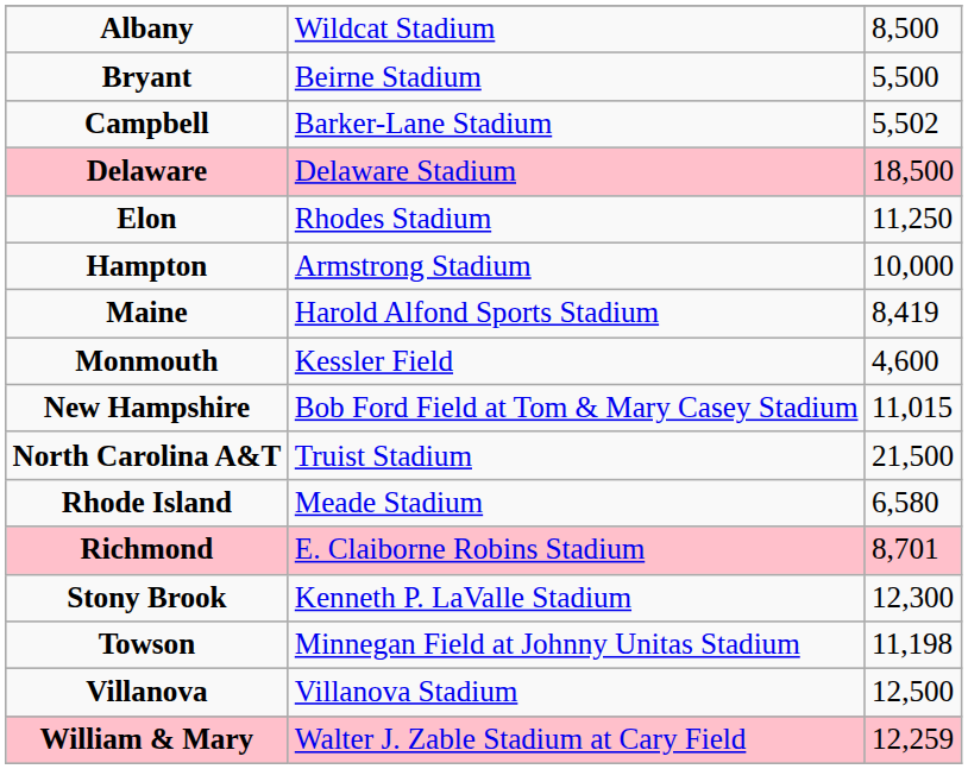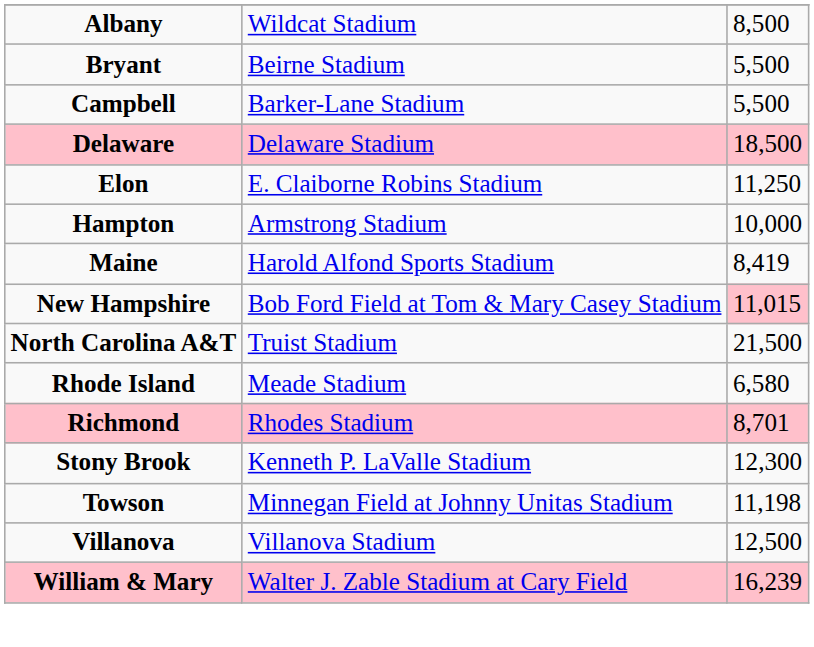 <table class="wikitable sortable">
 <tr>
 </tr>
 <tr>
 <td style="text-align:center; "><strong>Albany</strong></td>
 <td><a href='#'>Wildcat Stadium</a></td>
 <td>8,500</td>
 </tr>
 <tr>
 <td style="text-align:center; "><strong>Bryant</strong></td>
 <td><a href='#'>Beirne Stadium</a></td>
 <td>5,500</td>
 </tr>
 <tr>
 <td style="text-align:center; "><strong>Campbell</strong></td>
 <td><a href='#'>Barker-Lane Stadium</a></td>
-<td>5,502</td>
+<td>5,500</td>
 </tr>
 <tr bgcolor=pink>
 <td style="text-align:center; "><strong>Delaware</strong></td>
 <td><a href='#'>Delaware Stadium</a></td>
 <td>18,500</td>
 </tr>
 <tr>
 <td style="text-align:center; "><strong>Elon</strong></td>
-<td><a href='#'>Rhodes Stadium</a></td>
+<td><a href='#'>E. Claiborne Robins Stadium</a></td>
 <td>11,250</td>
 </tr>
 <tr>
 <td style="text-align:center; "><strong>Hampton</strong></td>
 <td><a href='#'>Armstrong Stadium</a></td>
 <td>10,000</td>
 </tr>
 <tr>
 <td style="text-align:center; "><strong>Maine</strong></td>
 <td><a href='#'>Harold Alfond Sports Stadium</a></td>
 <td>8,419</td>
 </tr>
 <tr>
-<td style="text-align:center; "><strong>Monmouth</strong></td>
-<td><a href='#'>Kessler Field</a></td>
-<td>4,600</td>
-</tr>
-<tr>
 <td style="text-align:center; "><strong>New Hampshire</strong></td>
 <td><a href='#'>Bob Ford Field at Tom & Mary Casey Stadium</a></td>
-<td>11,015</td>
+<td style="background: pink;">11,015</td>
 </tr>
 <tr>
 <td style="text-align:center; "><strong>North Carolina A&T</strong></td>
 <td><a href='#'>Truist Stadium</a></td>
 <td>21,500</td>
 </tr>
 <tr>
 <td style="text-align:center; "><strong>Rhode Island</strong></td>
 <td><a href='#'>Meade Stadium</a></td>
 <td>6,580</td>
 </tr>
 <tr bgcolor=pink>
 <td style="text-align:center; "><strong>Richmond</strong></td>
-<td><a href='#'>E. Claiborne Robins Stadium</a></td>
+<td><a href='#'>Rhodes Stadium</a></td>
 <td>8,701</td>
 </tr>
 <tr>
 <td style="text-align:center; "><strong>Stony Brook</strong></td>
 <td><a href='#'>Kenneth P. LaValle Stadium</a></td>
 <td>12,300</td>
 </tr>
 <tr>
 <td style="text-align:center; "><strong>Towson</strong></td>
 <td><a href='#'>Minnegan Field at Johnny Unitas Stadium</a></td>
 <td>11,198</td>
 </tr>
 <tr>
 <td style="text-align:center; "><strong>Villanova</strong></td>
 <td><a href='#'>Villanova Stadium</a></td>
 <td>12,500</td>
 </tr>
 <tr bgcolor=pink>
 <td style="text-align:center; "><strong>William & Mary</strong></td>
 <td><a href='#'>Walter J. Zable Stadium at Cary Field</a></td>
-<td>12,259</td>
+<td>16,239</td>
 </tr>
 </table>
